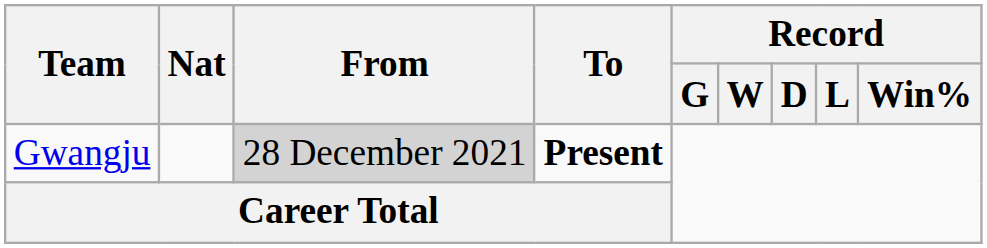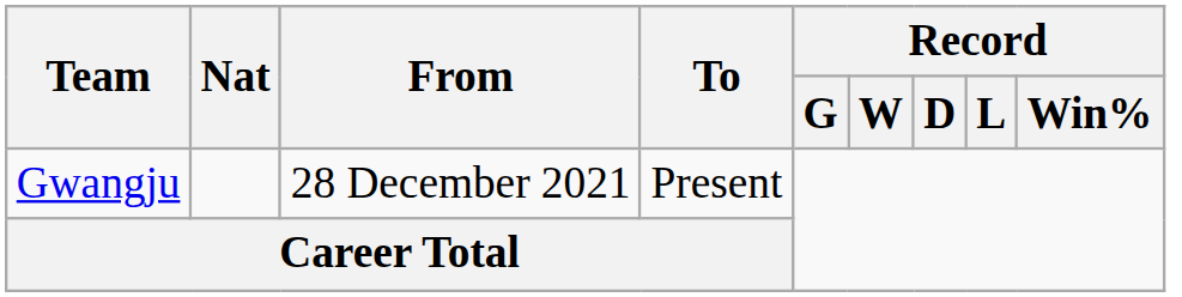 <table class="wikitable" style="text-align: center">
 <tr>
 <th rowspan="2">Team</th>
 <th rowspan="2">Nat</th>
 <th rowspan="2">From</th>
 <th rowspan="2">To</th>
 <th colspan="5">Record</th>
 </tr>
 <tr>
 <th>G</th>
 <th>W</th>
 <th>D</th>
 <th>L</th>
 <th>Win%</th>
 </tr>
 <tr>
 <td align="left"><a href='#'>Gwangju</a></td>
 <td></td>
-<td align="left" style="background: lightgrey;">28 December 2021</td>
-<td align="left"><strong>Present<br></strong></td>
+<td align="left">28 December 2021</td>
+<td align="left">Present<br></td>
 </tr>
 <tr>
 <th colspan="4">Career Total<br></th>
 </tr>
 </table>
